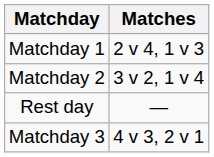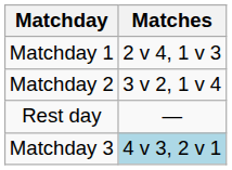 <table class="wikitable" style="text-align:center">
 <tr>
 <th>Matchday</th>
 <th>Matches</th>
 </tr>
 <tr>
 <td>Matchday 1</td>
 <td>2 v 4, 1 v 3</td>
 </tr>
 <tr>
 <td>Matchday 2</td>
 <td>3 v 2, 1 v 4</td>
 </tr>
 <tr>
 <td>Rest day</td>
 <td>—</td>
 </tr>
 <tr>
 <td>Matchday 3</td>
-<td>4 v 3, 2 v 1</td>
+<td style="background: lightblue;">4 v 3, 2 v 1</td>
 </tr>
 </table>
